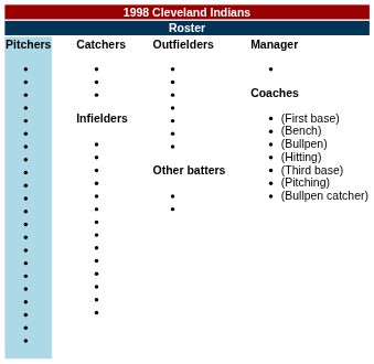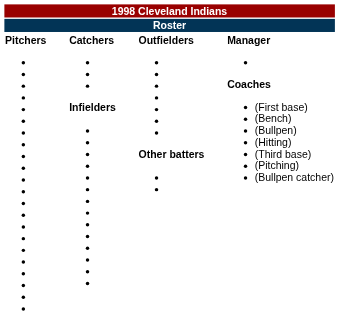 <table class="toccolours" style="font-size: 95%;">
 <tr>
 <th colspan="10" style="background-color: #990000; color: white; text-align: center;">1998 Cleveland Indians</th>
 </tr>
 <tr>
 <td colspan="10" style="background-color: #023456; color: #FFFFFF; text-align: center;"><strong>Roster</strong></td>
 </tr>
 <tr>
-<td valign="top" style="background: lightblue;"><strong>Pitchers</strong><br><ul><li></li><li></li><li></li><li></li><li></li><li></li><li></li><li></li><li></li><li></li><li></li><li></li><li></li><li></li><li></li><li></li><li></li><li></li><li></li><li></li><li></li><li></li></ul></td>
+<td valign="top"><strong>Pitchers</strong><br><ul><li></li><li></li><li></li><li></li><li></li><li></li><li></li><li></li><li></li><li></li><li></li><li></li><li></li><li></li><li></li><li></li><li></li><li></li><li></li><li></li><li></li><li></li></ul></td>
 <td width="25px"></td>
 <td valign="top"><strong>Catchers</strong><br><ul><li></li><li></li><li></li></ul><strong>Infielders</strong><ul><li></li><li></li><li></li><li></li><li></li><li></li><li></li><li></li><li></li><li></li><li></li><li></li><li></li><li></li></ul></td>
 <td width="25px"></td>
 <td valign="top"><strong>Outfielders</strong><br><ul><li></li><li></li><li></li><li></li><li></li><li></li><li></li></ul><strong>Other batters</strong><ul><li></li><li></li></ul></td>
 <td width="25px"></td>
 <td valign="top"><strong>Manager</strong><br><ul><li></li></ul><strong>Coaches</strong><ul><li> (First base)</li><li> (Bench)</li><li> (Bullpen)</li><li> (Hitting)</li><li> (Third base)</li><li> (Pitching)</li><li> (Bullpen catcher)</li></ul></td>
 </tr>
 </table>
